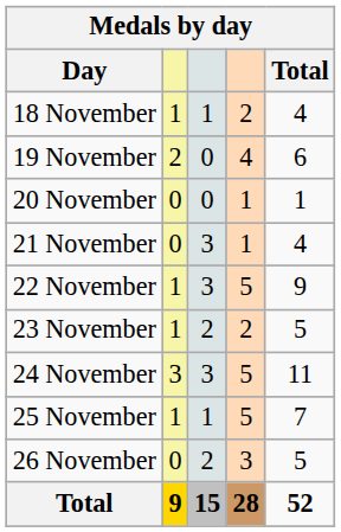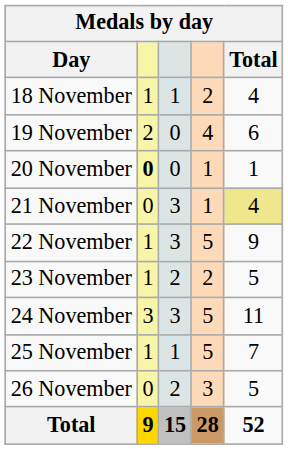 <table class="wikitable" style="font-size:85%; float:right">
 <tr align=center>
 <th colspan=5>Medals by day</th>
 </tr>
 <tr align=center>
 <th>Day</th>
 <td bgcolor=F7F6A8></td>
 <td bgcolor=DCE5E5></td>
 <td bgcolor=FFDAB9></td>
 <th>Total</th>
 </tr>
 <tr align=center>
 <td>18 November</td>
 <td style="background:#F7F6A8;">1</td>
 <td style="background:#DCE5E5;">1</td>
 <td style="background:#FFDAB9;">2</td>
 <td>4</td>
 </tr>
 <tr align=center>
 <td>19 November</td>
 <td style="background:#F7F6A8;">2</td>
 <td style="background:#DCE5E5;">0</td>
 <td style="background:#FFDAB9;">4</td>
 <td>6</td>
 </tr>
 <tr align=center>
 <td>20 November</td>
-<td style="background:#F7F6A8;">0</td>
+<td style="background:#F7F6A8;"><strong>0</strong></td>
 <td style="background:#DCE5E5;">0</td>
 <td style="background:#FFDAB9;">1</td>
 <td>1</td>
 </tr>
 <tr align=center>
 <td>21 November</td>
 <td style="background:#F7F6A8;">0</td>
 <td style="background:#DCE5E5;">3</td>
 <td style="background:#FFDAB9;">1</td>
-<td>4</td>
+<td style="background: khaki;">4</td>
 </tr>
 <tr align=center>
 <td>22 November</td>
 <td style="background:#F7F6A8;">1</td>
 <td style="background:#DCE5E5;">3</td>
 <td style="background:#FFDAB9;">5</td>
 <td>9</td>
 </tr>
 <tr align=center>
 <td>23 November</td>
 <td style="background:#F7F6A8;">1</td>
 <td style="background:#DCE5E5;">2</td>
 <td style="background:#FFDAB9;">2</td>
 <td>5</td>
 </tr>
 <tr align=center>
 <td>24 November</td>
 <td style="background:#F7F6A8;">3</td>
 <td style="background:#DCE5E5;">3</td>
 <td style="background:#FFDAB9;">5</td>
 <td>11</td>
 </tr>
 <tr align=center>
 <td>25 November</td>
 <td style="background:#F7F6A8;">1</td>
 <td style="background:#DCE5E5;">1</td>
 <td style="background:#FFDAB9;">5</td>
 <td>7</td>
 </tr>
 <tr align=center>
 <td>26 November</td>
 <td style="background:#F7F6A8;">0</td>
 <td style="background:#DCE5E5;">2</td>
 <td style="background:#FFDAB9;">3</td>
 <td>5</td>
 </tr>
 <tr align=center>
 <th><strong>Total</strong></th>
 <th style="background:gold;"><strong>9</strong></th>
 <th style="background:silver;"><strong>15</strong></th>
 <th style="background:#c96;"><strong>28</strong></th>
 <td><strong>52</strong></td>
 </tr>
 </table>
